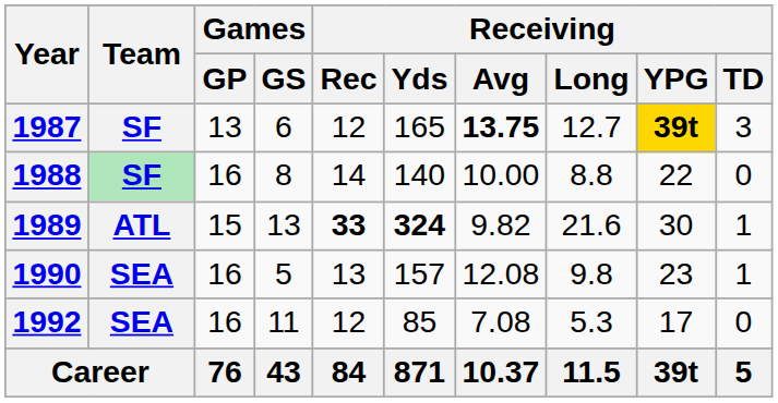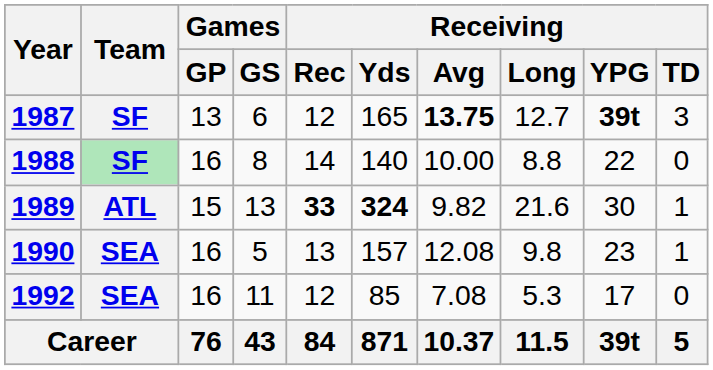 <table class="wikitable" style="text-align: center;">
 <tr>
 <th rowspan="2">Year</th>
 <th rowspan="2">Team</th>
 <th colspan="2">Games</th>
 <th colspan="6">Receiving</th>
 </tr>
 <tr>
 <th>GP</th>
 <th>GS</th>
 <th>Rec</th>
 <th>Yds</th>
 <th>Avg</th>
 <th>Long</th>
 <th>YPG</th>
 <th>TD</th>
 </tr>
 <tr>
 <th><a href='#'>1987</a></th>
 <th><a href='#'>SF</a></th>
 <td>13</td>
 <td>6</td>
 <td>12</td>
 <td>165</td>
 <td><strong>13.75</strong></td>
 <td>12.7</td>
-<td style="background: gold;"><strong>39t</strong></td>
+<td><strong>39t</strong></td>
 <td>3</td>
 </tr>
 <tr>
 <th><a href='#'>1988</a></th>
 <th style="background:#afe6ba; width:3em;"><a href='#'>SF</a></th>
 <td>16</td>
 <td>8</td>
 <td>14</td>
 <td>140</td>
 <td>10.00</td>
 <td>8.8</td>
 <td>22</td>
 <td>0</td>
 </tr>
 <tr>
 <th><a href='#'>1989</a></th>
 <th><a href='#'>ATL</a></th>
 <td>15</td>
 <td>13</td>
 <td><strong>33</strong></td>
 <td><strong>324</strong></td>
 <td>9.82</td>
 <td>21.6</td>
 <td>30</td>
 <td>1</td>
 </tr>
 <tr>
 <th><a href='#'>1990</a></th>
 <th><a href='#'>SEA</a></th>
 <td>16</td>
 <td>5</td>
 <td>13</td>
 <td>157</td>
 <td>12.08</td>
 <td>9.8</td>
 <td>23</td>
 <td>1</td>
 </tr>
 <tr>
 <th><a href='#'>1992</a></th>
 <th><a href='#'>SEA</a></th>
 <td>16</td>
 <td>11</td>
 <td>12</td>
 <td>85</td>
 <td>7.08</td>
 <td>5.3</td>
 <td>17</td>
 <td>0</td>
 </tr>
 <tr>
 <th colspan="2">Career</th>
 <th>76</th>
 <th>43</th>
 <th>84</th>
 <th>871</th>
 <th>10.37</th>
 <th>11.5</th>
 <th>39t</th>
 <th>5</th>
 </tr>
 </table>
